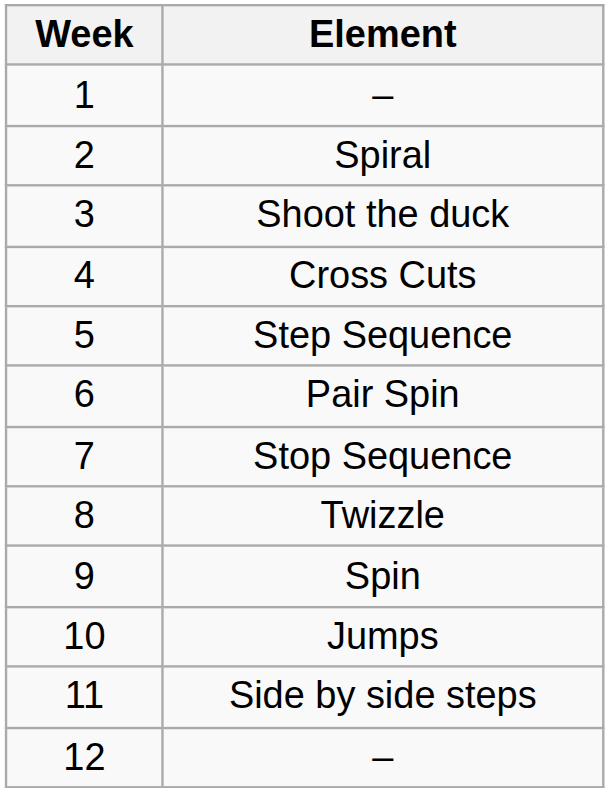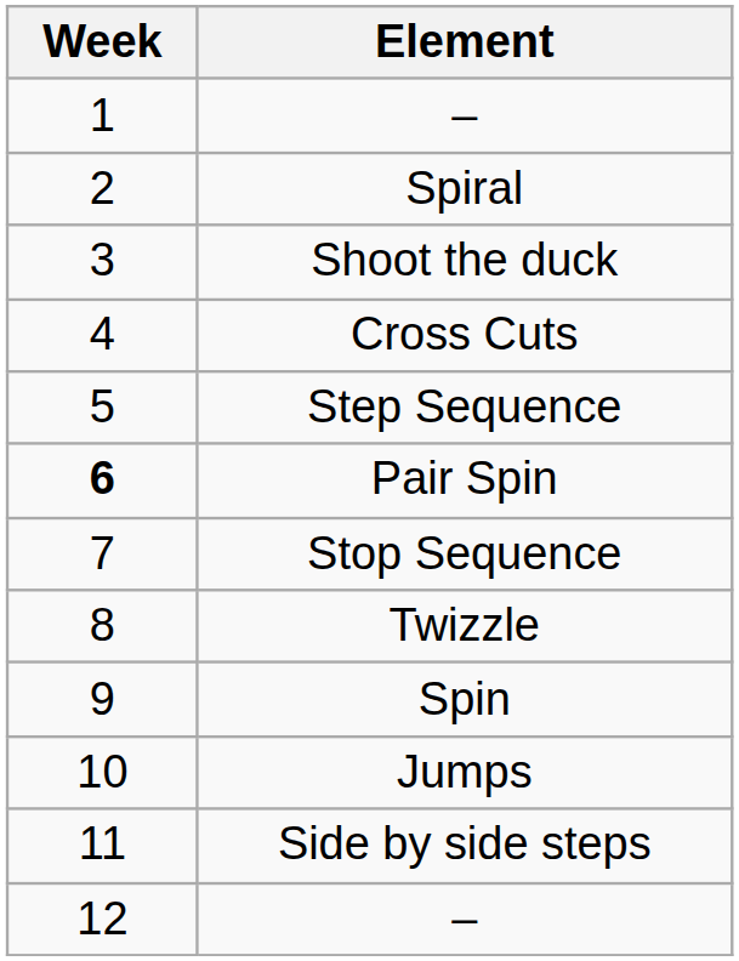 <table class="wikitable sortable" style="margin:auto; text-align:center; margin:5px; width:20%;">
 <tr>
 <th>Week</th>
 <th>Element</th>
 </tr>
 <tr>
 <td>1</td>
 <td>–</td>
 </tr>
 <tr>
 <td>2</td>
 <td>Spiral</td>
 </tr>
 <tr>
 <td>3</td>
 <td>Shoot the duck</td>
 </tr>
 <tr>
 <td>4</td>
 <td>Cross Cuts</td>
 </tr>
 <tr>
 <td>5</td>
 <td>Step Sequence</td>
 </tr>
 <tr>
-<td>6</td>
+<td><strong>6</strong></td>
 <td>Pair Spin</td>
 </tr>
 <tr>
 <td>7</td>
 <td>Stop Sequence</td>
 </tr>
 <tr>
 <td>8</td>
 <td>Twizzle</td>
 </tr>
 <tr>
 <td>9</td>
 <td>Spin</td>
 </tr>
 <tr>
 <td>10</td>
 <td>Jumps</td>
 </tr>
 <tr>
 <td>11</td>
 <td>Side by side steps</td>
 </tr>
 <tr>
 <td>12</td>
 <td>–</td>
 </tr>
 </table>
